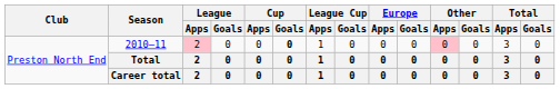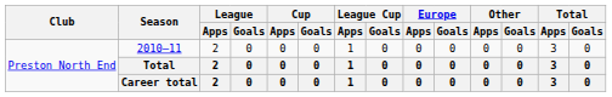 <table class="wikitable" style="text-align: center;">
 <tr>
 <th rowspan="2">Club</th>
 <th rowspan="2">Season</th>
 <th colspan="2">League</th>
 <th colspan="2">Cup</th>
 <th colspan="2">League Cup</th>
 <th colspan="2"><a href='#'>Europe</a></th>
 <th colspan="2">Other</th>
 <th colspan="2">Total</th>
 </tr>
 <tr>
 <th>Apps</th>
 <th>Goals</th>
 <th>Apps</th>
 <th>Goals</th>
 <th>Apps</th>
 <th>Goals</th>
 <th>Apps</th>
 <th>Goals</th>
 <th>Apps</th>
 <th>Goals</th>
 <th>Apps</th>
 <th>Goals</th>
 </tr>
 <tr>
 <td rowspan="3"><a href='#'>Preston North End</a></td>
 <td><a href='#'>2010–11</a></td>
-<td style="background: pink;">2</td>
+<td>2</td>
 <td>0</td>
 <td>0</td>
-<td><strong>0</strong></td>
+<td>0</td>
 <td>1</td>
 <td>0</td>
 <td>0</td>
 <td>0</td>
-<td style="background: pink;">0</td>
+<td>0</td>
 <td>0</td>
 <td>3</td>
 <td>0</td>
 </tr>
 <tr>
 <th>Total</th>
 <th>2</th>
 <th>0</th>
 <th>0</th>
 <th>0</th>
 <th>1</th>
 <th>0</th>
 <th>0</th>
 <th>0</th>
 <th>0</th>
 <th>0</th>
 <th>3</th>
 <th>0</th>
 </tr>
 <tr>
 <th colspan="1">Career total</th>
 <th>2</th>
 <th>0</th>
 <th>0</th>
 <th>0</th>
 <th>1</th>
 <th>0</th>
 <th>0</th>
 <th>0</th>
 <th>0</th>
 <th>0</th>
 <th>3</th>
 <th>0</th>
 </tr>
 </table>
